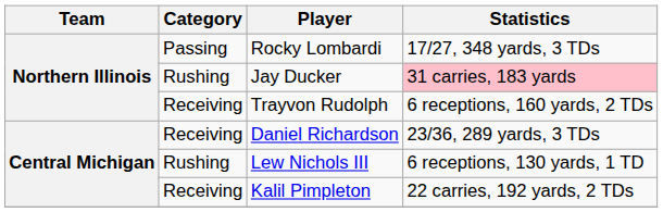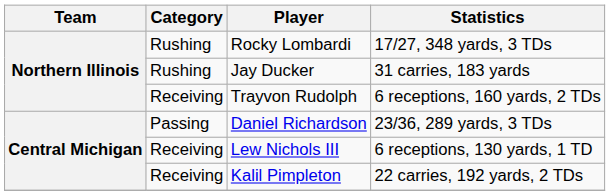 <table class="wikitable" style="float: left;">
 <tr>
 <th>Team</th>
 <th>Category</th>
 <th>Player</th>
 <th>Statistics</th>
 </tr>
 <tr>
 <th rowspan=3>Northern Illinois</th>
-<td>Passing</td>
+<td>Rushing</td>
 <td>Rocky Lombardi</td>
 <td>17/27, 348 yards, 3 TDs</td>
 </tr>
 <tr>
 <td>Rushing</td>
 <td>Jay Ducker</td>
-<td style="background: pink;">31 carries, 183 yards</td>
+<td>31 carries, 183 yards</td>
 </tr>
 <tr>
 <td>Receiving</td>
 <td>Trayvon Rudolph</td>
 <td>6 receptions, 160 yards, 2 TDs</td>
 </tr>
 <tr>
 <th rowspan=3 style=>Central Michigan</th>
-<td>Receiving</td>
+<td>Passing</td>
 <td><a href='#'>Daniel Richardson</a></td>
 <td>23/36, 289 yards, 3 TDs</td>
 </tr>
 <tr>
-<td>Rushing</td>
+<td>Receiving</td>
 <td><a href='#'>Lew Nichols III</a></td>
 <td>6 receptions, 130 yards, 1 TD</td>
 </tr>
 <tr>
 <td>Receiving</td>
 <td><a href='#'>Kalil Pimpleton</a></td>
 <td>22 carries, 192 yards, 2 TDs</td>
 </tr>
 <tr>
 </tr>
 </table>
